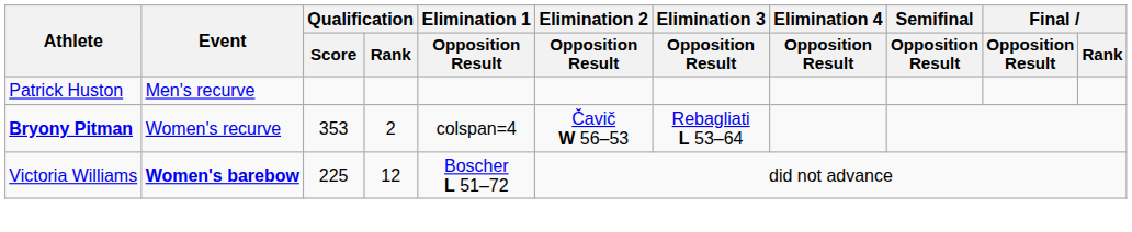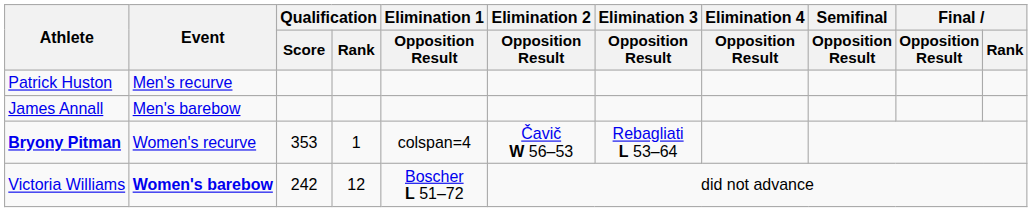 <table class=wikitable style=font-size:90%;text-align:center>
 <tr>
 <th rowspan=2>Athlete</th>
 <th rowspan=2>Event</th>
 <th colspan=2>Qualification</th>
 <th>Elimination 1</th>
 <th>Elimination 2</th>
 <th>Elimination 3</th>
 <th>Elimination 4</th>
 <th>Semifinal</th>
 <th colspan=2>Final / </th>
 </tr>
 <tr style=font-size:95%>
 <th>Score</th>
 <th>Rank</th>
 <th>Opposition<br>Result</th>
 <th>Opposition<br>Result</th>
 <th>Opposition<br>Result</th>
 <th>Opposition<br>Result</th>
 <th>Opposition<br>Result</th>
 <th>Opposition<br>Result</th>
 <th>Rank</th>
 </tr>
 <tr align=center>
 <td align=left><a href='#'>Patrick Huston</a></td>
 <td align=left><a href='#'>Men's recurve</a></td>
 <td></td>
 <td></td>
 <td></td>
 <td></td>
 <td></td>
 <td></td>
 <td></td>
 <td></td>
 <td></td>
 </tr>
 <tr align=center>
+<td align=left><a href='#'>James Annall</a></td>
+<td align=left><a href='#'>Men's barebow</a></td>
+<td></td>
+<td></td>
+<td></td>
+<td></td>
+<td></td>
+<td></td>
+<td></td>
+<td></td>
+<td></td>
+</tr>
+<tr align=center>
 <td align=left><strong><a href='#'>Bryony Pitman</a></strong></td>
 <td align=left><a href='#'>Women's recurve</a></td>
 <td>353</td>
-<td>2</td>
+<td>1</td>
 <td>colspan=4 </td>
 <td> <a href='#'>Čavič</a><br><strong>W</strong> 56–53</td>
 <td> <a href='#'>Rebagliati</a><br><strong>L</strong> 53–64</td>
 <td></td>
 </tr>
 <tr align=center>
 <td align=left><a href='#'>Victoria Williams</a></td>
 <td align=left><strong><a href='#'>Women's barebow</a></strong></td>
-<td>225</td>
+<td>242</td>
 <td>12</td>
 <td> <a href='#'>Boscher</a><br><strong>L</strong> 51–72</td>
 <td colspan=6>did not advance</td>
 </tr>
 </table>
